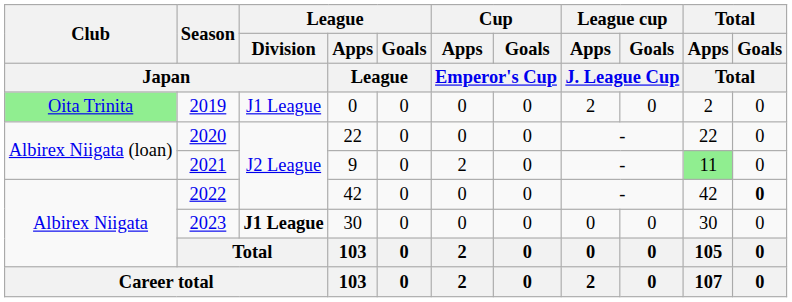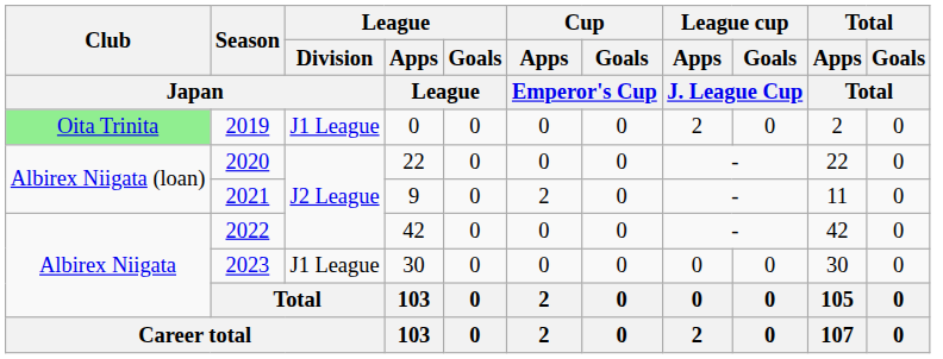 <table class="wikitable" style="text-align:center;">
 <tr>
 <th rowspan=2>Club</th>
 <th rowspan=2>Season</th>
 <th colspan=3>League</th>
 <th colspan=2>Cup</th>
 <th colspan=2>League cup</th>
 <th colspan=2>Total</th>
 </tr>
 <tr>
 <th>Division</th>
 <th>Apps</th>
 <th>Goals</th>
 <th>Apps</th>
 <th>Goals</th>
 <th>Apps</th>
 <th>Goals</th>
 <th>Apps</th>
 <th>Goals</th>
 </tr>
 <tr>
 <th colspan=3>Japan</th>
 <th colspan=2>League</th>
 <th colspan=2><a href='#'>Emperor's Cup</a></th>
 <th colspan=2><a href='#'>J. League Cup</a></th>
 <th colspan=2>Total</th>
 </tr>
 <tr>
 <td style="background: lightgreen;"><a href='#'>Oita Trinita</a></td>
 <td><a href='#'>2019</a></td>
 <td><a href='#'>J1 League</a></td>
 <td>0</td>
 <td>0</td>
 <td>0</td>
 <td>0</td>
 <td>2</td>
 <td>0</td>
 <td>2</td>
 <td>0</td>
 </tr>
 <tr>
 <td rowspan="2"><a href='#'>Albirex Niigata</a> (loan)</td>
 <td><a href='#'>2020</a></td>
 <td rowspan="3"><a href='#'>J2 League</a></td>
 <td>22</td>
 <td>0</td>
 <td>0</td>
 <td>0</td>
 <td colspan="2">-</td>
 <td>22</td>
 <td>0</td>
 </tr>
 <tr>
 <td><a href='#'>2021</a></td>
 <td>9</td>
 <td>0</td>
 <td>2</td>
 <td>0</td>
 <td colspan="2">-</td>
-<td style="background: lightgreen;">11</td>
+<td>11</td>
 <td>0</td>
 </tr>
 <tr>
 <td rowspan="3"><a href='#'>Albirex Niigata</a></td>
 <td><a href='#'>2022</a></td>
 <td>42</td>
 <td>0</td>
 <td>0</td>
 <td>0</td>
 <td colspan="2">-</td>
 <td>42</td>
-<td><strong>0</strong></td>
+<td>0</td>
 </tr>
 <tr>
 <td><a href='#'>2023</a></td>
-<td><strong>J1 League</strong></td>
+<td>J1 League</td>
 <td>30</td>
 <td>0</td>
 <td>0</td>
 <td>0</td>
 <td>0</td>
 <td>0</td>
 <td>30</td>
 <td>0</td>
 </tr>
 <tr>
 <th colspan="2">Total</th>
 <th>103</th>
 <th>0</th>
 <th>2</th>
 <th>0</th>
 <th>0</th>
 <th>0</th>
 <th>105</th>
 <th>0</th>
 </tr>
 <tr>
 <th colspan=3>Career total</th>
 <th>103</th>
 <th>0</th>
 <th>2</th>
 <th>0</th>
 <th>2</th>
 <th>0</th>
 <th>107</th>
 <th>0</th>
 </tr>
 </table>
